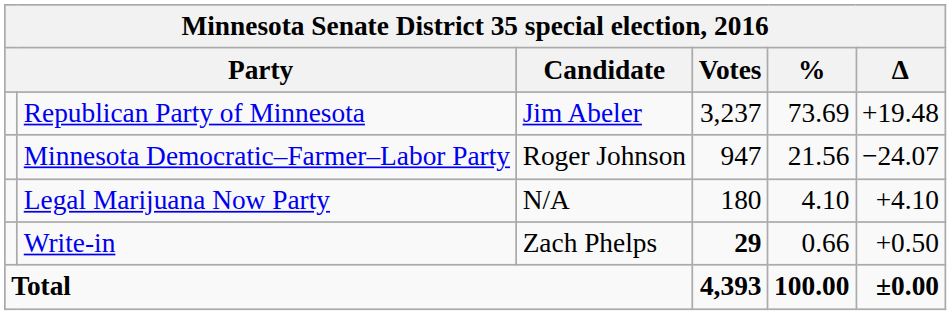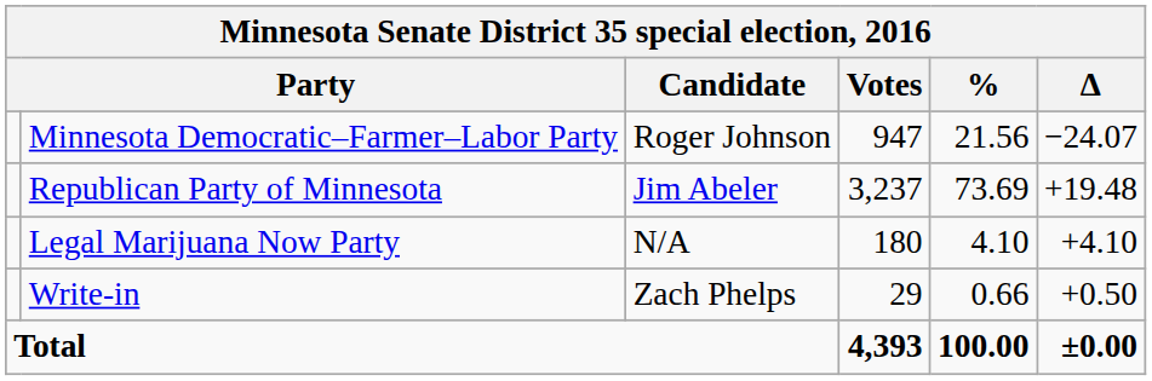 <table class="wikitable">
 <tr>
 <th colspan="6">Minnesota Senate District 35 special election, 2016</th>
 </tr>
 <tr>
 <th colspan="2">Party</th>
 <th>Candidate</th>
 <th>Votes</th>
 <th>%</th>
 <th>∆</th>
 </tr>
 <tr>
 <td style="background-color:"></td>
+<td><a href='#'>Minnesota Democratic–Farmer–Labor Party</a></td>
+<td>Roger Johnson</td>
+<td align="right">947</td>
+<td align="right">21.56</td>
+<td align="right">−24.07</td>
+</tr>
+<tr>
+<td style="background-color:"></td>
 <td><a href='#'>Republican Party of Minnesota</a></td>
 <td><a href='#'>Jim Abeler</a></td>
 <td align="right">3,237</td>
 <td align="right">73.69</td>
 <td align="right">+19.48</td>
-</tr>
-<tr>
-<td style="background-color:"></td>
-<td><a href='#'>Minnesota Democratic–Farmer–Labor Party</a></td>
-<td>Roger Johnson</td>
-<td align="right">947</td>
-<td align="right">21.56</td>
-<td align="right">−24.07</td>
 </tr>
 <tr>
 <td style="background-color:"></td>
 <td><a href='#'>Legal Marijuana Now Party</a></td>
 <td>N/A</td>
 <td align="right">180</td>
 <td align="right">4.10</td>
 <td align="right">+4.10</td>
 </tr>
 <tr>
 <td style="background-color:"></td>
 <td><a href='#'>Write-in</a></td>
 <td>Zach Phelps</td>
-<td align="right"><strong>29</strong></td>
+<td align="right">29</td>
 <td align="right">0.66</td>
 <td align="right">+0.50</td>
 </tr>
 <tr>
 <td colspan="3"><strong>Total</strong></td>
 <td align="right"><strong>4,393</strong></td>
 <td align="right"><strong>100.00</strong></td>
 <td align="right"><strong>±0.00</strong></td>
 </tr>
 </table>
